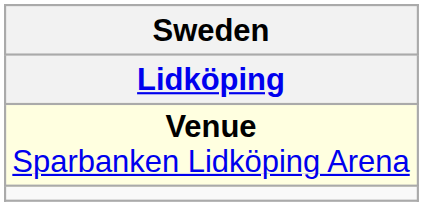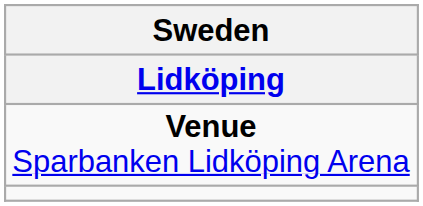 <table class=wikitable style="text-align:center; font-size:90%;">
 <tr>
 <th colspan=2>Sweden</th>
 </tr>
 <tr>
 <th><a href='#'>Lidköping</a></th>
 </tr>
 <tr>
-<td style="background: lightyellow;"><strong>Venue</strong><br><a href='#'>Sparbanken Lidköping Arena</a></td>
+<td><strong>Venue</strong><br><a href='#'>Sparbanken Lidköping Arena</a></td>
 </tr>
 <tr>
 <td></td>
 </tr>
 </table>
